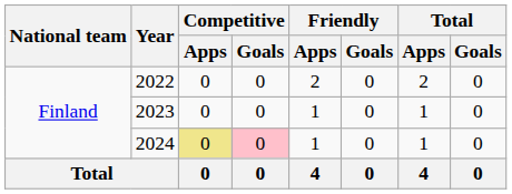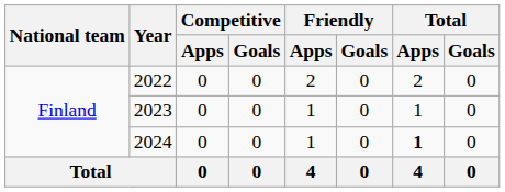 <table class="wikitable" style="text-align:center">
 <tr>
 <th rowspan="2">National team</th>
 <th rowspan="2">Year</th>
 <th colspan="2">Competitive</th>
 <th colspan="2">Friendly</th>
 <th colspan="2">Total</th>
 </tr>
 <tr>
 <th>Apps</th>
 <th>Goals</th>
 <th>Apps</th>
 <th>Goals</th>
 <th>Apps</th>
 <th>Goals</th>
 </tr>
 <tr>
 <td rowspan=3><a href='#'>Finland</a></td>
 <td>2022</td>
 <td>0</td>
 <td>0</td>
 <td>2</td>
 <td>0</td>
 <td>2</td>
 <td>0</td>
 </tr>
 <tr>
 <td>2023</td>
 <td>0</td>
 <td>0</td>
 <td>1</td>
 <td>0</td>
 <td>1</td>
 <td>0</td>
 </tr>
 <tr>
 <td>2024</td>
-<td style="background: khaki;">0</td>
-<td style="background: pink;">0</td>
+<td>0</td>
+<td>0</td>
 <td>1</td>
 <td>0</td>
-<td>1</td>
+<td><strong>1</strong></td>
 <td>0</td>
 </tr>
 <tr>
 <th colspan=2>Total</th>
 <th>0</th>
 <th>0</th>
 <th>4</th>
 <th>0</th>
 <th>4</th>
 <th>0</th>
 </tr>
 </table>
